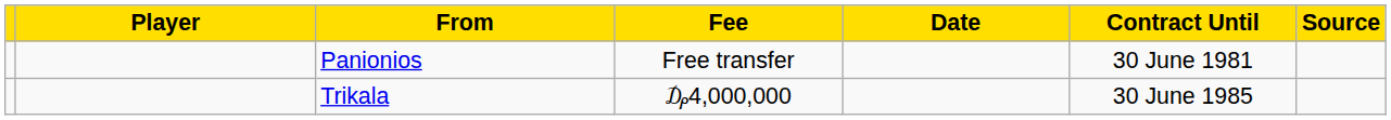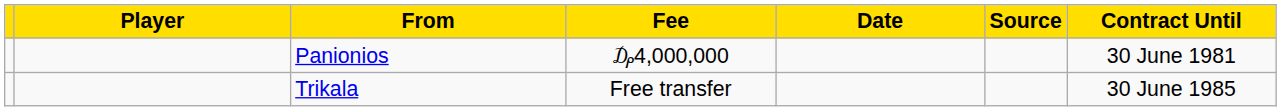 <table class="wikitable sortable">
 <tr>
 <th style="background:#FFDE00"></th>
 <th width=200 style="background:#FFDE00">Player</th>
 <th width=200 style="background:#FFDE00">From</th>
 <th width=150 style="background:#FFDE00">Fee</th>
 <th width=150 style="background:#FFDE00">Date</th>
+<th style="background:#FFDE00">Source</th>
 <th width=150 style="background:#FFDE00">Contract Until</th>
-<th style="background:#FFDE00">Source</th>
 </tr>
 <tr>
 <td align=center></td>
 <td></td>
 <td> <a href='#'>Panionios</a></td>
-<td align=center>Free transfer</td>
+<td align=center>₯4,000,000</td>
+<td align=center></td>
 <td align=center></td>
 <td align=center>30 June 1981</td>
-<td align=center></td>
 </tr>
 <tr>
 <td align=center></td>
 <td></td>
 <td> <a href='#'>Trikala</a></td>
-<td align=center>₯4,000,000</td>
+<td align=center>Free transfer</td>
+<td align=center></td>
 <td align=center></td>
 <td align=center>30 June 1985</td>
-<td align=center></td>
 </tr>
 </table>
